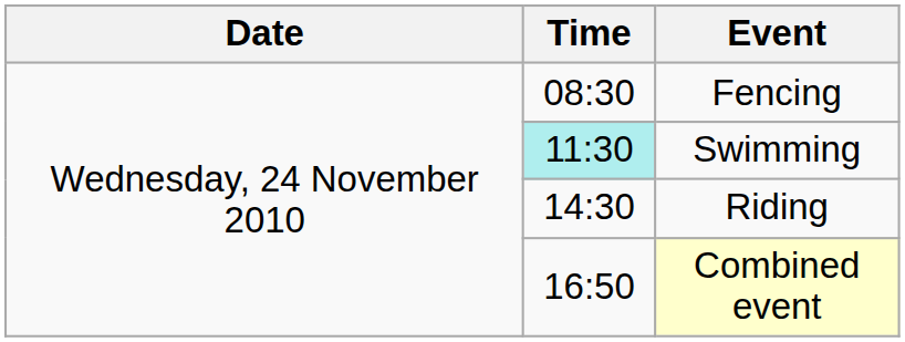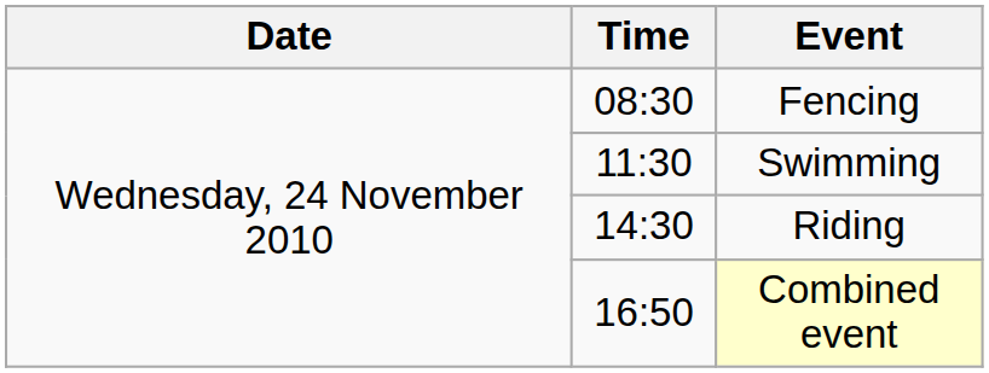 <table class = "wikitable" style="text-align:center;">
 <tr>
 <th width=220>Date</th>
 <th width=50>Time</th>
 <th width=100>Event</th>
 </tr>
 <tr>
 <td rowspan=4>Wednesday, 24 November 2010</td>
 <td>08:30</td>
 <td>Fencing</td>
 </tr>
 <tr>
-<td style="background: paleturquoise;">11:30</td>
+<td>11:30</td>
 <td>Swimming</td>
 </tr>
 <tr>
 <td>14:30</td>
 <td>Riding</td>
 </tr>
 <tr>
 <td>16:50</td>
 <td bgcolor=ffffcc>Combined event</td>
 </tr>
 </table>
